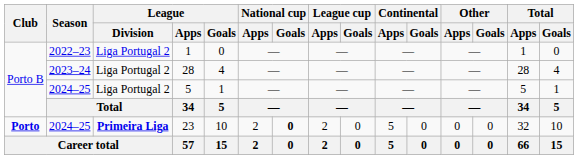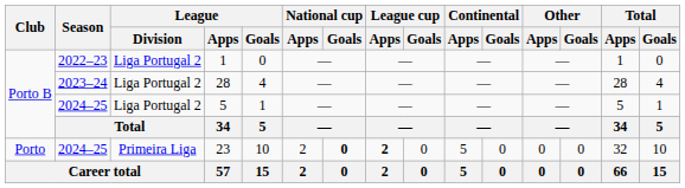 <table class="wikitable" style="text-align: center">
 <tr>
 <th rowspan="2">Club</th>
 <th rowspan="2">Season</th>
 <th colspan="3">League</th>
 <th colspan="2">National cup</th>
 <th colspan="2">League cup</th>
 <th colspan="2">Continental</th>
 <th colspan="2">Other</th>
 <th colspan="2">Total</th>
 </tr>
 <tr>
 <th>Division</th>
 <th>Apps</th>
 <th>Goals</th>
 <th>Apps</th>
 <th>Goals</th>
 <th>Apps</th>
 <th>Goals</th>
 <th>Apps</th>
 <th>Goals</th>
 <th>Apps</th>
 <th>Goals</th>
 <th>Apps</th>
 <th>Goals</th>
 </tr>
 <tr>
 <td rowspan="4"><a href='#'>Porto B</a></td>
 <td><a href='#'>2022–23</a></td>
 <td><a href='#'>Liga Portugal 2</a></td>
 <td>1</td>
 <td>0</td>
 <td colspan="2">—</td>
 <td colspan="2">—</td>
 <td colspan="2">—</td>
 <td colspan="2">—</td>
 <td>1</td>
 <td>0</td>
 </tr>
 <tr>
 <td><a href='#'>2023–24</a></td>
 <td>Liga Portugal 2</td>
 <td>28</td>
 <td>4</td>
 <td colspan="2">—</td>
 <td colspan="2">—</td>
 <td colspan="2">—</td>
 <td colspan="2">—</td>
 <td>28</td>
 <td>4</td>
 </tr>
 <tr>
 <td><a href='#'>2024–25</a></td>
 <td>Liga Portugal 2</td>
 <td>5</td>
 <td>1</td>
 <td colspan="2">—</td>
 <td colspan="2">—</td>
 <td colspan="2">—</td>
 <td colspan="2">—</td>
 <td>5</td>
 <td>1</td>
 </tr>
 <tr>
 <th colspan="2">Total</th>
 <th>34</th>
 <th>5</th>
 <th colspan="2">—</th>
 <th colspan="2">—</th>
 <th colspan="2">—</th>
 <th colspan="2">—</th>
 <th>34</th>
 <th>5</th>
 </tr>
 <tr>
-<td><strong><a href='#'>Porto</a></strong></td>
+<td><a href='#'>Porto</a></td>
 <td><a href='#'>2024–25</a></td>
-<td><strong><a href='#'>Primeira Liga</a></strong></td>
+<td><a href='#'>Primeira Liga</a></td>
 <td>23</td>
 <td>10</td>
 <td>2</td>
 <td><strong>0</strong></td>
-<td>2</td>
+<td><strong>2</strong></td>
 <td>0</td>
 <td>5</td>
 <td>0</td>
 <td>0</td>
 <td>0</td>
 <td>32</td>
 <td>10</td>
 </tr>
 <tr>
 <th colspan="3">Career total</th>
 <th>57</th>
 <th>15</th>
 <th>2</th>
 <th>0</th>
 <th>2</th>
 <th>0</th>
 <th>5</th>
 <th>0</th>
 <th>0</th>
 <th>0</th>
 <th>66</th>
 <th>15</th>
 </tr>
 </table>
